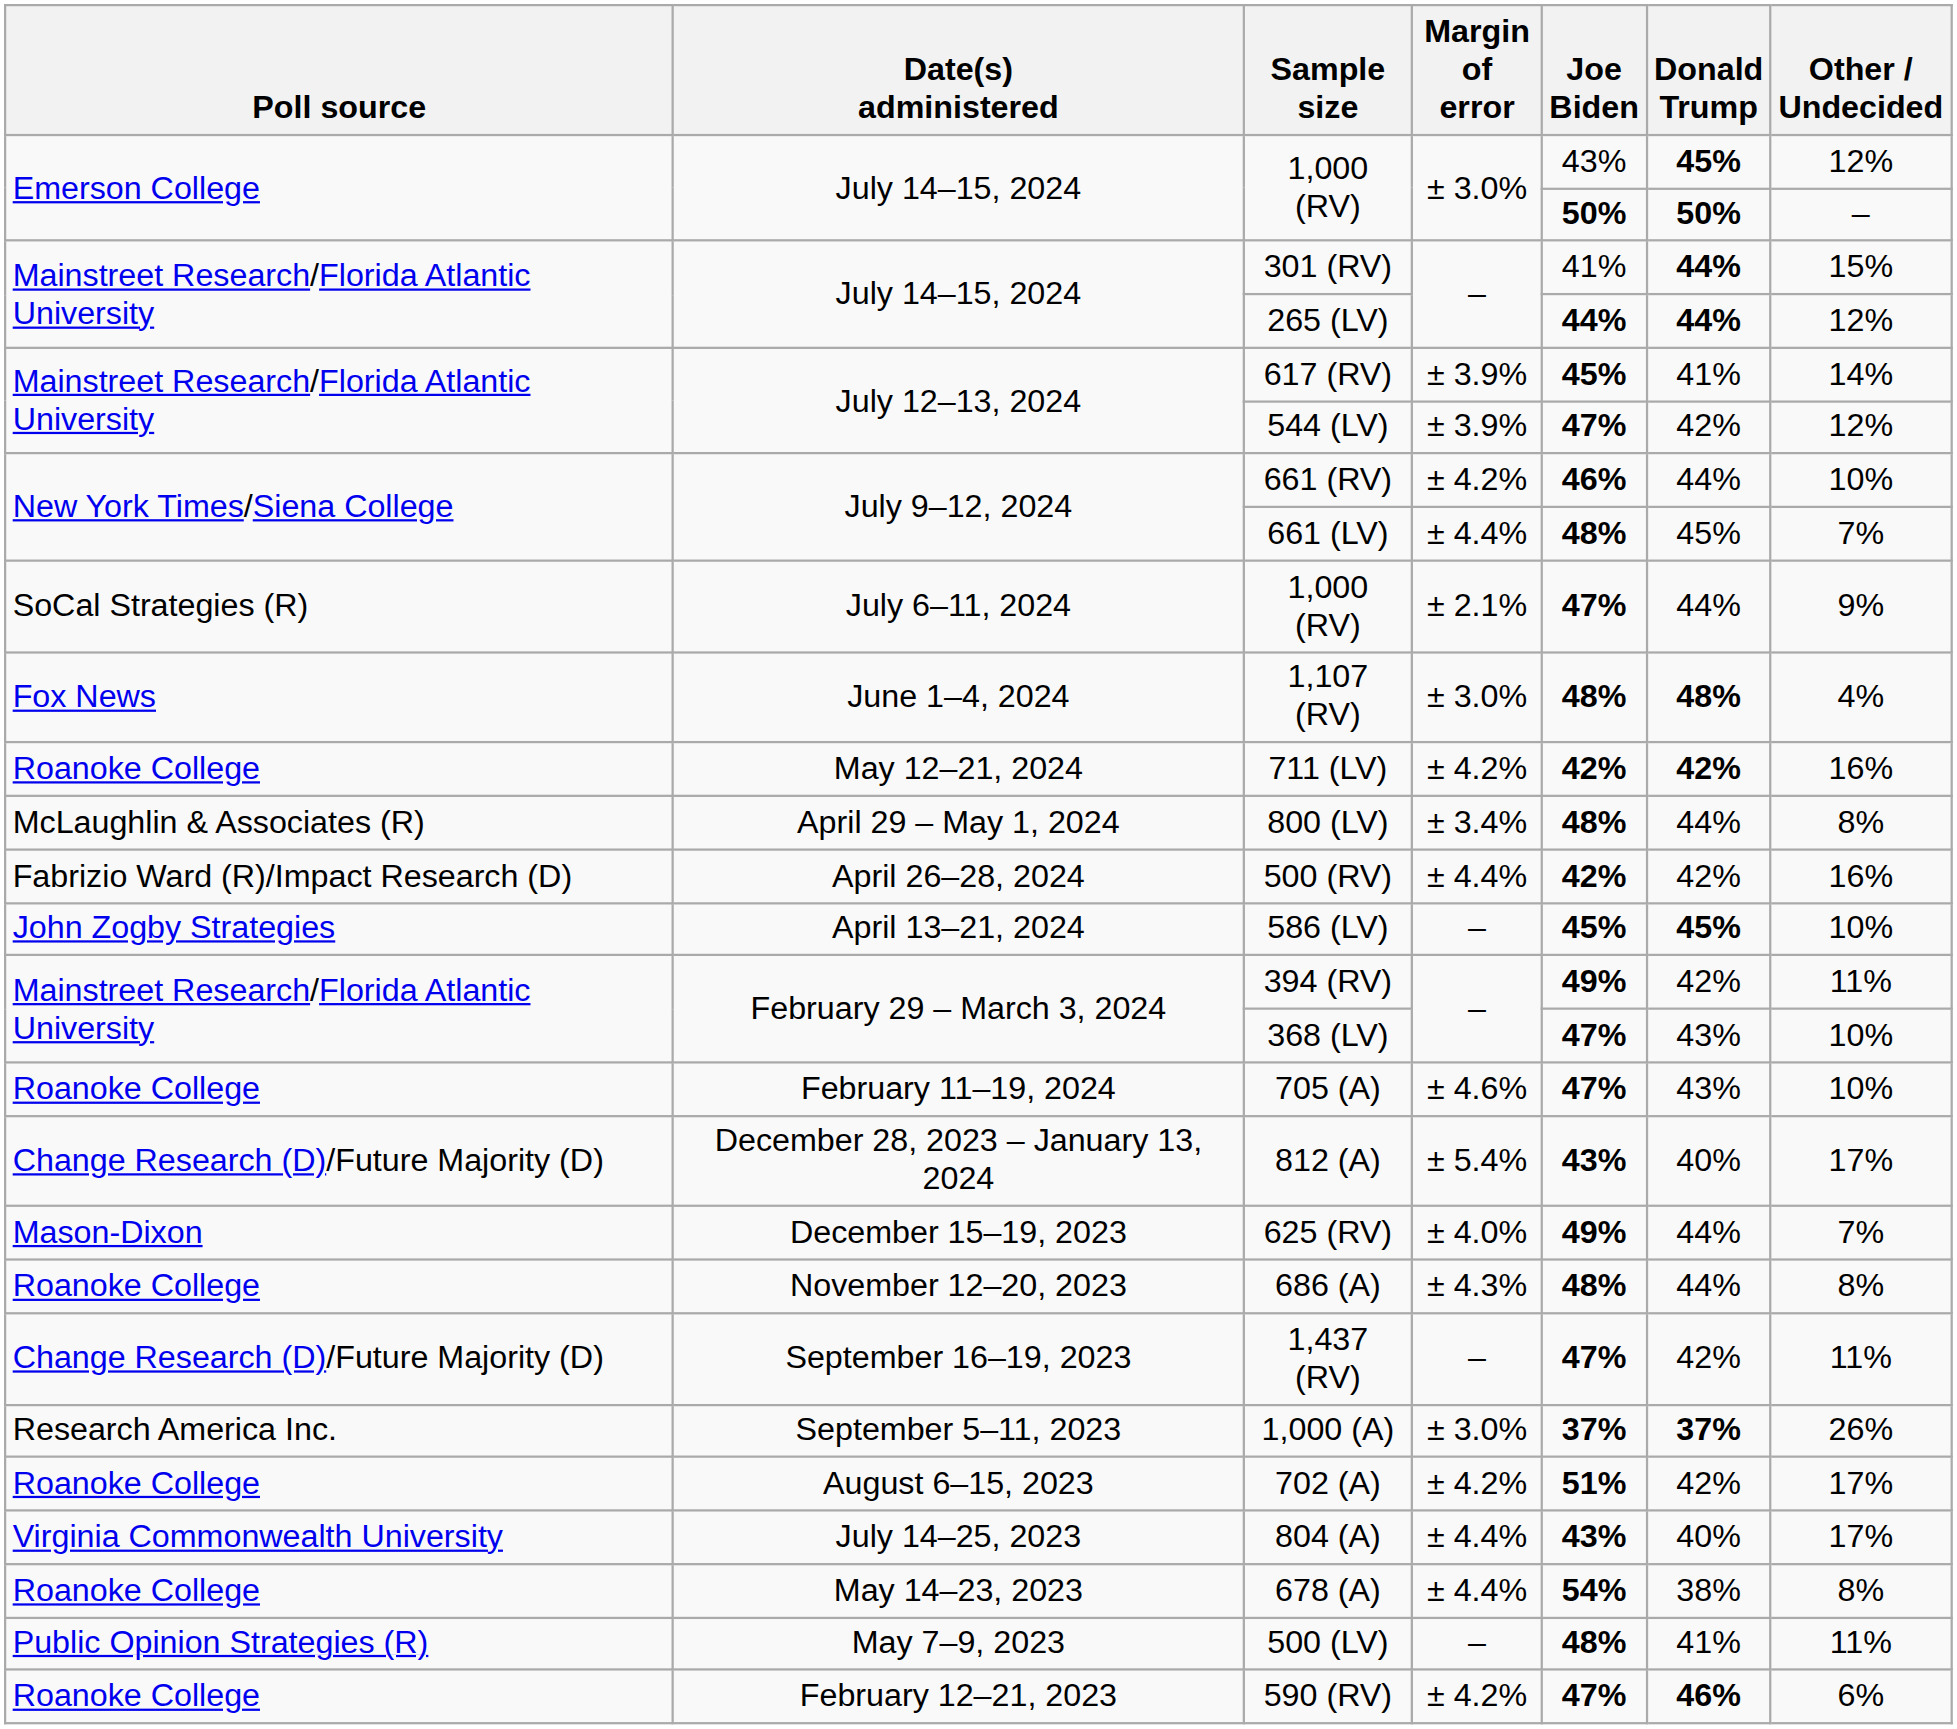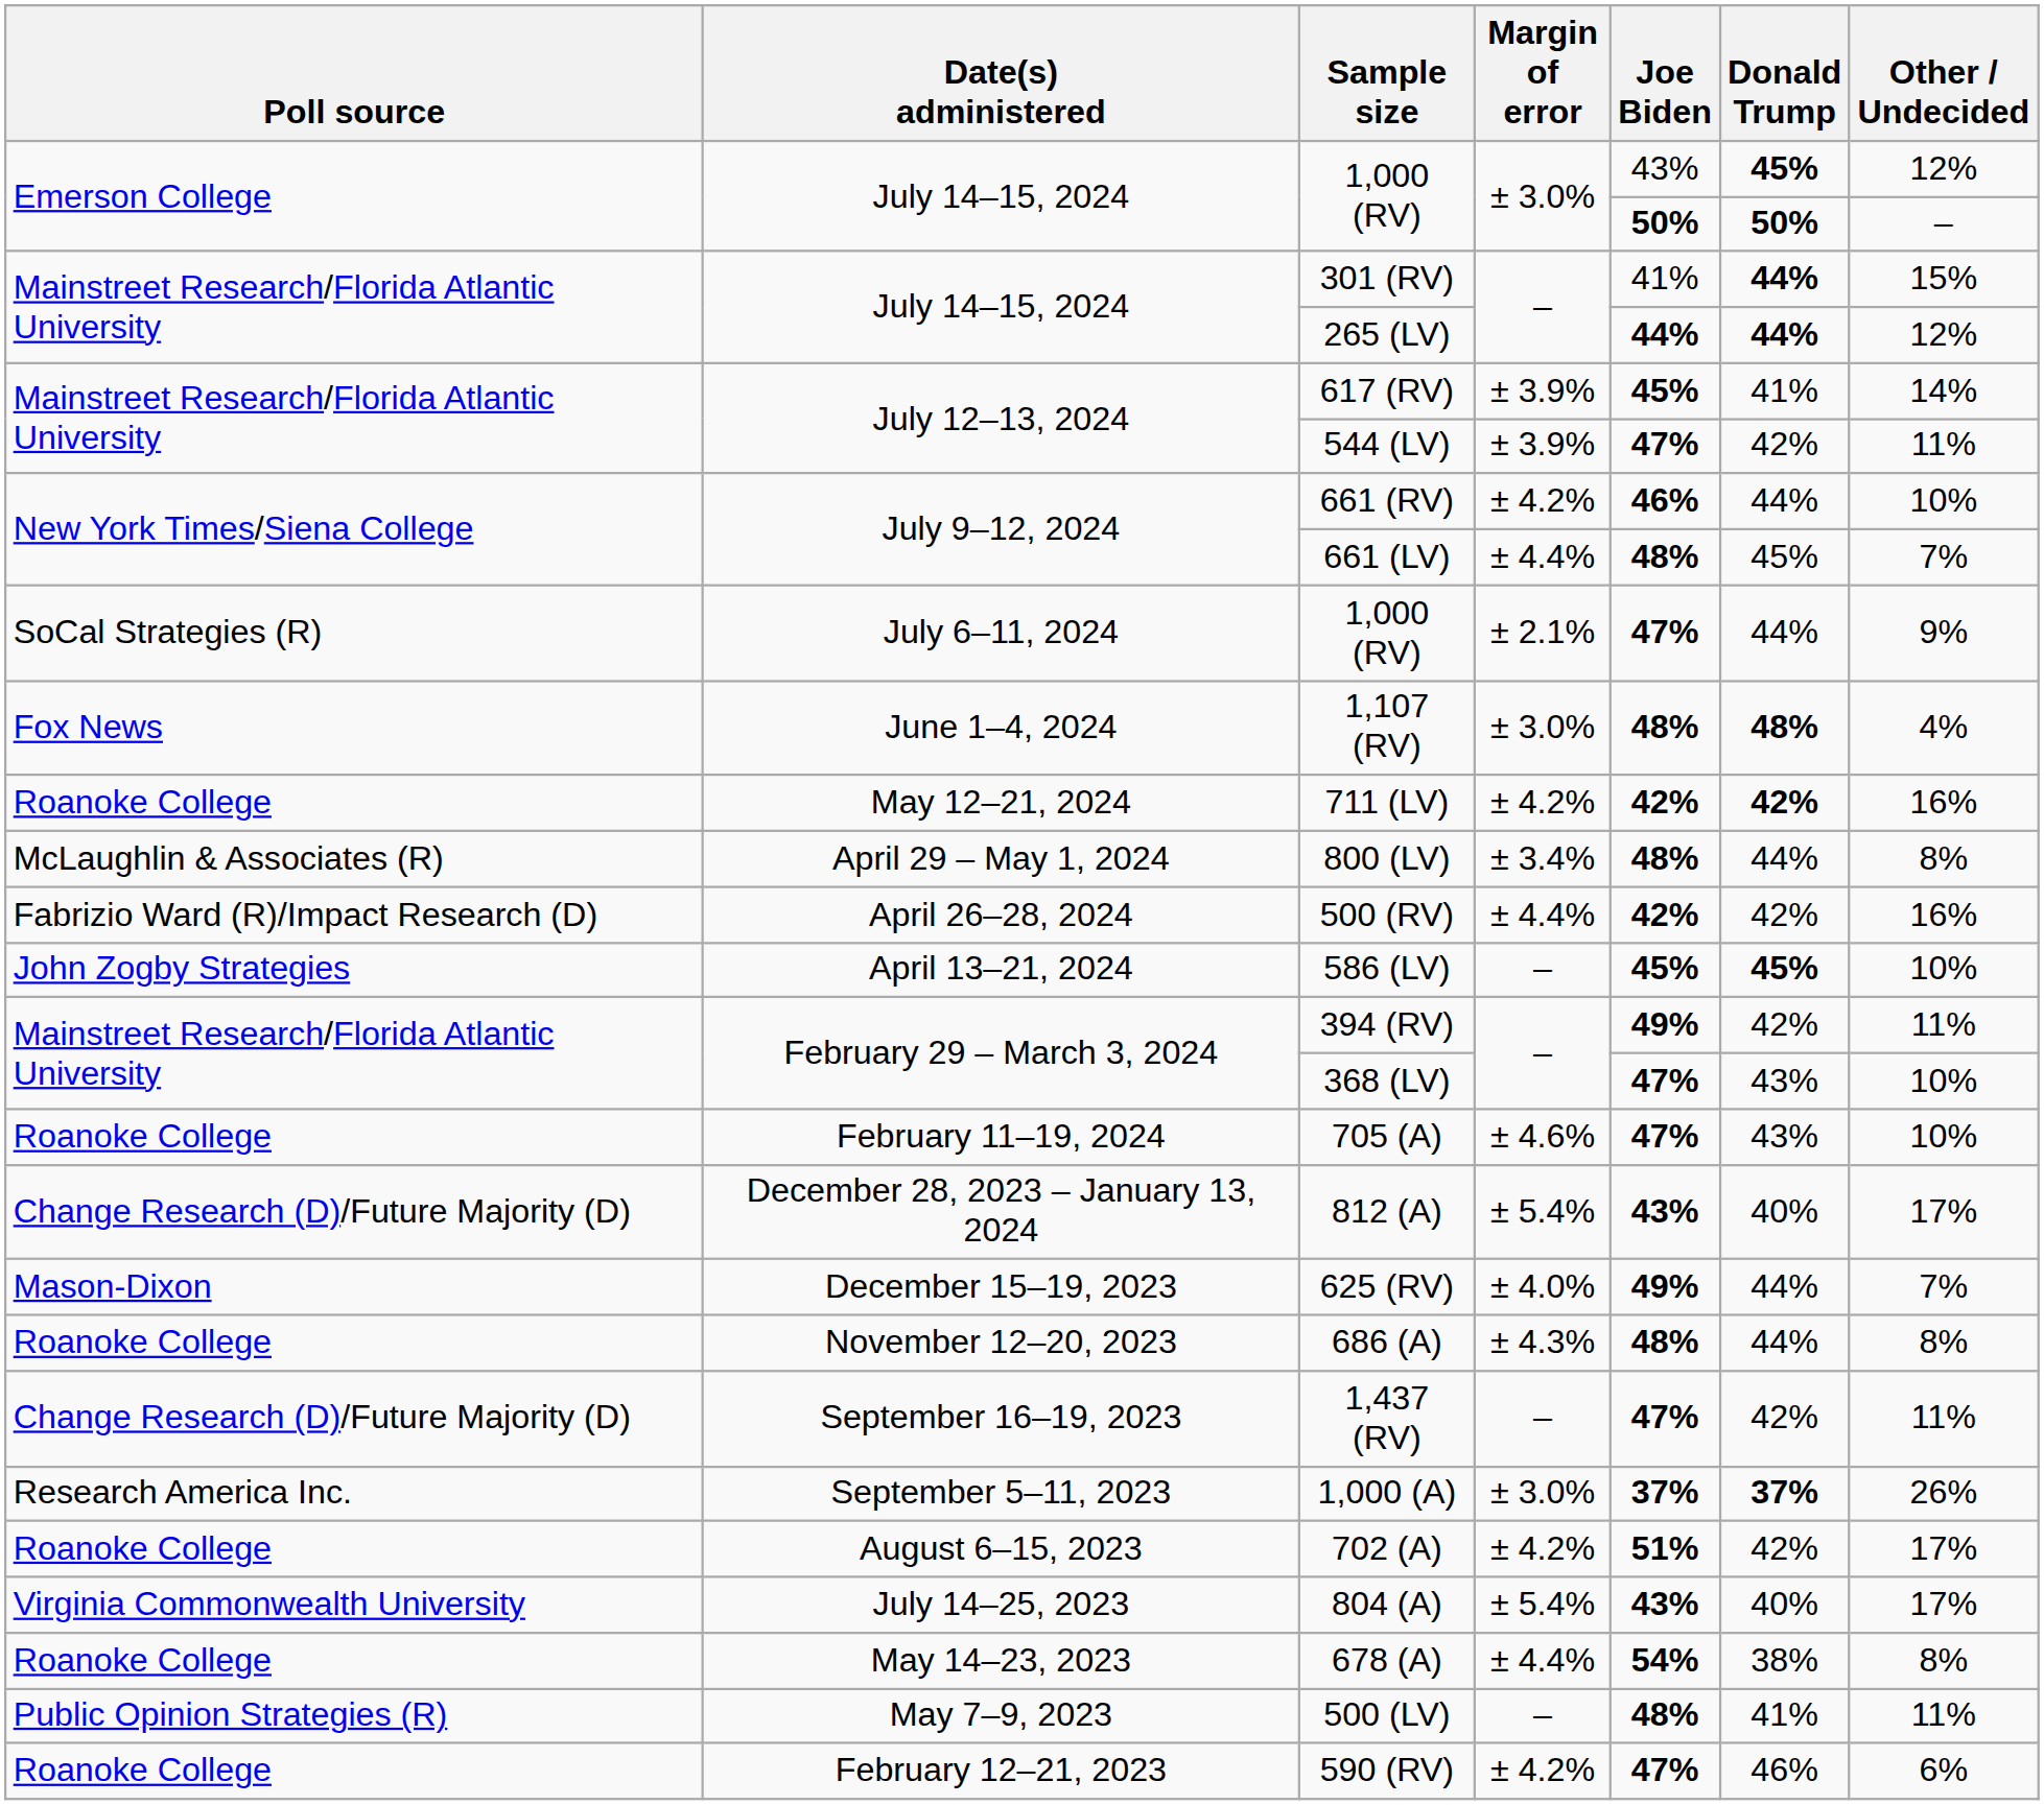 <table class="wikitable sortable mw-datatable" style="font-size:90%;text-align:center;line-height:17px">
 <tr valign=bottom>
 <th>Poll source</th>
 <th>Date(s)<br>administered</th>
 <th>Sample<br>size</th>
 <th>Margin<br>of error</th>
 <th class="unsortable">Joe<br>Biden<br></th>
 <th class="unsortable">Donald<br>Trump<br></th>
 <th class="unsortable">Other /<br>Undecided</th>
 </tr>
 <tr>
 <td style="text-align:left;" rowspan="2"><a href='#'>Emerson College</a></td>
 <td rowspan="2">July 14–15, 2024</td>
 <td rowspan="2">1,000 (RV)</td>
 <td rowspan="2">± 3.0%</td>
 <td>43%</td>
 <td style="background-color:"><strong>45%</strong></td>
 <td>12%</td>
 </tr>
 <tr>
 <td><strong>50%</strong></td>
 <td><strong>50%</strong></td>
 <td>–</td>
 </tr>
 <tr>
 <td style="text-align:left;" rowspan="2"><a href='#'>Mainstreet Research</a>/<a href='#'>Florida Atlantic University</a></td>
 <td rowspan="2">July 14–15, 2024</td>
 <td>301 (RV)</td>
 <td rowspan="2">–</td>
 <td>41%</td>
 <td style="background-color:"><strong>44%</strong></td>
 <td>15%</td>
 </tr>
 <tr>
 <td>265 (LV)</td>
 <td><strong>44%</strong></td>
 <td><strong>44%</strong></td>
 <td>12%</td>
 </tr>
 <tr>
 <td style="text-align:left;" rowspan="2"><a href='#'>Mainstreet Research</a>/<a href='#'>Florida Atlantic University</a></td>
 <td rowspan="2">July 12–13, 2024</td>
 <td>617 (RV)</td>
 <td>± 3.9%</td>
 <td style="color:black;background-color:"><strong>45%</strong></td>
 <td>41%</td>
 <td>14%</td>
 </tr>
 <tr>
 <td>544 (LV)</td>
 <td>± 3.9%</td>
 <td style="color:black;background-color:"><strong>47%</strong></td>
 <td>42%</td>
-<td>12%</td>
+<td>11%</td>
 </tr>
 <tr>
 <td style="text-align:left;" rowspan="2"><a href='#'>New York Times</a>/<a href='#'>Siena College</a></td>
 <td rowspan="2">July 9–12, 2024</td>
 <td>661 (RV)</td>
 <td>± 4.2%</td>
 <td style="color:black;background-color:"><strong>46%</strong></td>
 <td>44%</td>
 <td>10%</td>
 </tr>
 <tr>
 <td>661 (LV)</td>
 <td>± 4.4%</td>
 <td style="color:black;background-color:"><strong>48%</strong></td>
 <td>45%</td>
 <td>7%</td>
 </tr>
 <tr>
 <td style="text-align:left;">SoCal Strategies (R)</td>
 <td>July 6–11, 2024</td>
 <td>1,000 (RV)</td>
 <td>± 2.1%</td>
 <td style="color:black;background-color:"><strong>47%</strong></td>
 <td>44%</td>
 <td>9%</td>
 </tr>
 <tr>
 <td style="text-align:left;"><a href='#'>Fox News</a></td>
 <td>June 1–4, 2024</td>
 <td>1,107 (RV)</td>
 <td>± 3.0%</td>
 <td><strong>48%</strong></td>
 <td><strong>48%</strong></td>
 <td>4%</td>
 </tr>
 <tr>
 <td style="text-align:left;"><a href='#'>Roanoke College</a></td>
 <td>May 12–21, 2024</td>
 <td>711 (LV)</td>
 <td>± 4.2%</td>
 <td><strong>42%</strong></td>
 <td><strong>42%</strong></td>
 <td>16%</td>
 </tr>
 <tr>
 <td style="text-align:left;">McLaughlin & Associates (R)</td>
 <td>April 29 – May 1, 2024</td>
 <td>800 (LV)</td>
 <td>± 3.4%</td>
 <td style="color:black;background-color:"><strong>48%</strong></td>
 <td>44%</td>
 <td>8%</td>
 </tr>
 <tr>
 <td style="text-align:left;">Fabrizio Ward (R)/Impact Research (D)</td>
 <td>April 26–28, 2024</td>
 <td>500 (RV)</td>
 <td>± 4.4%</td>
 <td style="color:black;background-color:"><strong>42%</strong></td>
 <td>42%</td>
 <td>16%</td>
 </tr>
 <tr>
 <td style="text-align:left;"><a href='#'>John Zogby Strategies</a></td>
 <td data-sort-value="2024-05-01">April 13–21, 2024</td>
 <td>586 (LV)</td>
 <td>–</td>
 <td><strong>45%</strong></td>
 <td><strong>45%</strong></td>
 <td>10%</td>
 </tr>
 <tr>
 <td style="text-align:left;" rowspan="2"><a href='#'>Mainstreet Research</a>/<a href='#'>Florida Atlantic University</a></td>
 <td rowspan="2">February 29 – March 3, 2024</td>
 <td>394 (RV)</td>
 <td rowspan="2">–</td>
 <td style="color:black;background-color:"><strong>49%</strong></td>
 <td>42%</td>
 <td>11%</td>
 </tr>
 <tr>
 <td>368 (LV)</td>
 <td style="color:black;background-color:"><strong>47%</strong></td>
 <td>43%</td>
 <td>10%</td>
 </tr>
 <tr>
 <td style="text-align:left;"><a href='#'>Roanoke College</a></td>
 <td>February 11–19, 2024</td>
 <td>705 (A)</td>
 <td>± 4.6%</td>
 <td style="color:black;background-color:"><strong>47%</strong></td>
 <td>43%</td>
 <td>10%</td>
 </tr>
 <tr>
 <td style="text-align:left;"><a href='#'>Change Research (D)</a>/Future Majority (D)</td>
 <td>December 28, 2023 – January 13, 2024</td>
 <td>812 (A)</td>
 <td>± 5.4%</td>
 <td style="color:black;background-color:"><strong>43%</strong></td>
 <td>40%</td>
 <td>17%</td>
 </tr>
 <tr>
 <td style="text-align:left;"><a href='#'>Mason-Dixon</a></td>
 <td>December 15–19, 2023</td>
 <td>625 (RV)</td>
 <td>± 4.0%</td>
 <td style="color:black;background-color:"><strong>49%</strong></td>
 <td>44%</td>
 <td>7%</td>
 </tr>
 <tr>
 <td style="text-align:left;"><a href='#'>Roanoke College</a></td>
 <td>November 12–20, 2023</td>
 <td>686 (A)</td>
 <td>± 4.3%</td>
 <td style="color:black;background-color:"><strong>48%</strong></td>
 <td>44%</td>
 <td>8%</td>
 </tr>
 <tr>
 <td style="text-align:left;"><a href='#'>Change Research (D)</a>/Future Majority (D)</td>
 <td>September 16–19, 2023</td>
 <td>1,437 (RV)</td>
 <td>–</td>
 <td style="color:black;background-color:"><strong>47%</strong></td>
 <td>42%</td>
 <td>11%</td>
 </tr>
 <tr>
 <td style="text-align:left;">Research America Inc.</td>
 <td>September 5–11, 2023</td>
 <td>1,000 (A)</td>
 <td>± 3.0%</td>
 <td><strong>37%</strong></td>
 <td><strong>37%</strong></td>
 <td>26%</td>
 </tr>
 <tr>
 <td style="text-align:left;"><a href='#'>Roanoke College</a></td>
 <td>August 6–15, 2023</td>
 <td>702 (A)</td>
 <td>± 4.2%</td>
 <td style="color:black;background-color:"><strong>51%</strong></td>
 <td>42%</td>
 <td>17%</td>
 </tr>
 <tr>
 <td style="text-align:left;"><a href='#'>Virginia Commonwealth University</a></td>
 <td>July 14–25, 2023</td>
 <td>804 (A)</td>
-<td>± 4.4%</td>
+<td>± 5.4%</td>
 <td style="color:black;background-color:"><strong>43%</strong></td>
 <td>40%</td>
 <td>17%</td>
 </tr>
 <tr>
 <td style="text-align:left;"><a href='#'>Roanoke College</a></td>
 <td data-sort-value="2023-05-23">May 14–23, 2023</td>
 <td>678 (A)</td>
 <td>± 4.4%</td>
 <td style="color:black;background-color:"><strong>54%</strong></td>
 <td>38%</td>
 <td>8%</td>
 </tr>
 <tr>
 <td style="text-align:left;"><a href='#'>Public Opinion Strategies (R)</a></td>
 <td data-sort-value="2023-05-09">May 7–9, 2023</td>
 <td>500 (LV)</td>
 <td>–</td>
 <td style="color:black;background-color:"><strong>48%</strong></td>
 <td>41%</td>
 <td>11%</td>
 </tr>
 <tr>
 <td style="text-align:left;"><a href='#'>Roanoke College</a></td>
 <td data-sort-value="2023-02-21">February 12–21, 2023</td>
 <td>590 (RV)</td>
 <td>± 4.2%</td>
 <td style="color:black;background-color:"><strong>47%</strong></td>
-<td><strong>46%</strong></td>
+<td>46%</td>
 <td>6%</td>
 </tr>
 </table>
